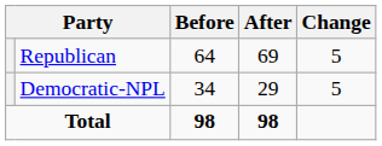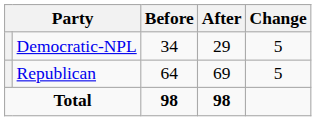 <table class="wikitable" style="text-align:center;">
 <tr>
 <th colspan="2">Party</th>
 <th>Before</th>
 <th>After</th>
 <th>Change</th>
 </tr>
 <tr>
 <th style="background-color:"></th>
-<td style="text-align:left;"><a href='#'>Republican</a></td>
-<td>64</td>
-<td>69</td>
+<td style="text-align:left;"><a href='#'>Democratic-NPL</a></td>
+<td>34</td>
+<td>29</td>
 <td> 5</td>
 </tr>
 <tr>
 <th style="background-color:"></th>
-<td style="text-align:left;"><a href='#'>Democratic-NPL</a></td>
-<td>34</td>
-<td>29</td>
+<td style="text-align:left;"><a href='#'>Republican</a></td>
+<td>64</td>
+<td>69</td>
 <td> 5</td>
 </tr>
 <tr>
 <td colspan="2"><strong>Total</strong></td>
 <td><strong>98</strong></td>
 <td><strong>98</strong></td>
 <td></td>
 </tr>
 </table>
